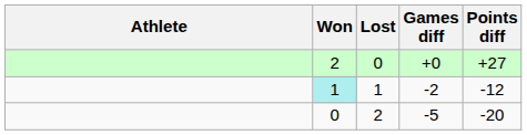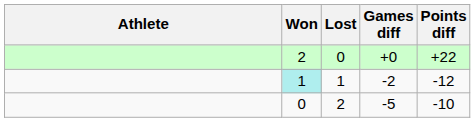 <table class="wikitable">
 <tr>
 <th style="width:18em">Athlete</th>
 <th>Won</th>
 <th>Lost</th>
 <th>Games<br>diff</th>
 <th>Points<br>diff</th>
 </tr>
 <tr bgcolor="#ccffcc">
 <td></td>
 <td align="center">2</td>
 <td align="center">0</td>
 <td align="center">+0</td>
-<td align="center">+27</td>
+<td align="center">+22</td>
 </tr>
 <tr>
 <td></td>
 <td align="center" style="background: paleturquoise;">1</td>
 <td align="center">1</td>
 <td align="center">-2</td>
 <td align="center">-12</td>
 </tr>
 <tr>
 <td></td>
 <td align="center">0</td>
 <td align="center">2</td>
 <td align="center">-5</td>
-<td align="center">-20</td>
+<td align="center">-10</td>
 </tr>
 </table>
